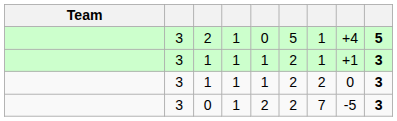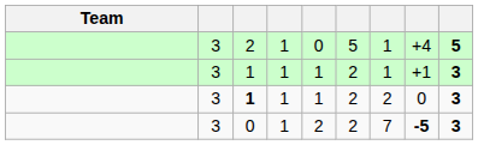 <table class="wikitable" style="text-align: center;">
 <tr>
 <th width=175>Team</th>
 <th width=25></th>
 <th width=25></th>
 <th width=25></th>
 <th width=25></th>
 <th width=25></th>
 <th width=25></th>
 <th width=25></th>
 <th width=25></th>
 </tr>
 <tr bgcolor=ccffcc>
 <td style="text-align:left;"></td>
 <td>3</td>
 <td>2</td>
 <td>1</td>
 <td>0</td>
 <td>5</td>
 <td>1</td>
 <td>+4</td>
 <td><strong>5</strong></td>
 </tr>
 <tr bgcolor=ccffcc>
 <td style="text-align:left;"></td>
 <td>3</td>
 <td>1</td>
 <td>1</td>
 <td>1</td>
 <td>2</td>
 <td>1</td>
 <td>+1</td>
 <td><strong>3</strong></td>
 </tr>
 <tr>
 <td style="text-align:left;"></td>
 <td>3</td>
-<td>1</td>
+<td><strong>1</strong></td>
 <td>1</td>
 <td>1</td>
 <td>2</td>
 <td>2</td>
 <td>0</td>
 <td><strong>3</strong></td>
 </tr>
 <tr>
 <td style="text-align:left;"></td>
 <td>3</td>
 <td>0</td>
 <td>1</td>
 <td>2</td>
 <td>2</td>
 <td>7</td>
-<td>-5</td>
+<td><strong>-5</strong></td>
 <td><strong>3</strong></td>
 </tr>
 </table>
